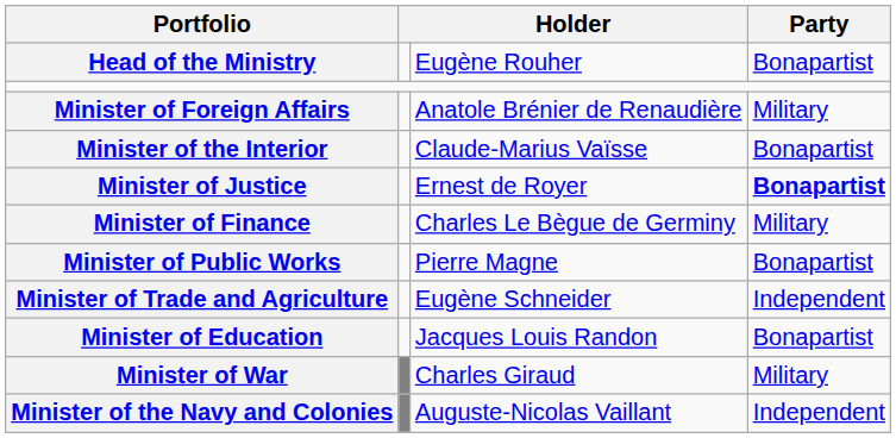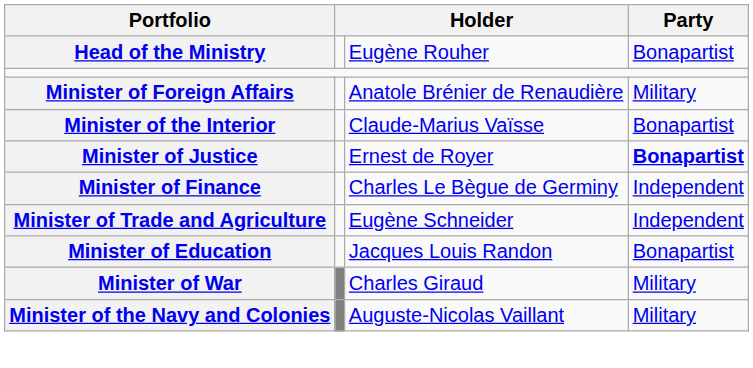 <table class="wikitable">
 <tr>
 <th>Portfolio</th>
 <th colspan=2>Holder</th>
 <th>Party</th>
 </tr>
 <tr>
 <th><a href='#'>Head of the Ministry</a></th>
 <td style="background:"></td>
 <td><a href='#'>Eugène Rouher</a></td>
 <td><a href='#'>Bonapartist</a></td>
 </tr>
 <tr>
 <td colspan=4></td>
 </tr>
 <tr>
 <th><a href='#'>Minister of Foreign Affairs</a></th>
 <td style="background:"></td>
 <td><a href='#'>Anatole Brénier de Renaudière</a></td>
 <td><a href='#'>Military</a></td>
 </tr>
 <tr>
 <th><a href='#'>Minister of the Interior</a></th>
 <td style="background:"></td>
 <td><a href='#'>Claude-Marius Vaïsse</a></td>
 <td><a href='#'>Bonapartist</a></td>
 </tr>
 <tr>
 <th><a href='#'>Minister of Justice</a></th>
 <td style="background:"></td>
 <td><a href='#'>Ernest de Royer</a></td>
 <td><strong><a href='#'>Bonapartist</a></strong></td>
 </tr>
 <tr>
 <th><a href='#'>Minister of Finance</a></th>
 <td style="background:"></td>
 <td><a href='#'>Charles Le Bègue de Germiny</a></td>
-<td><a href='#'>Military</a></td>
-</tr>
-<tr>
-<th><a href='#'>Minister of Public Works</a></th>
-<td style="background:"></td>
-<td><a href='#'>Pierre Magne</a></td>
-<td><a href='#'>Bonapartist</a></td>
+<td><a href='#'>Independent</a></td>
 </tr>
 <tr>
 <th><a href='#'>Minister of Trade and Agriculture</a></th>
 <td style="background:"></td>
 <td><a href='#'>Eugène Schneider</a></td>
 <td><a href='#'>Independent</a></td>
 </tr>
 <tr>
 <th><a href='#'>Minister of Education</a></th>
 <td style="background:"></td>
 <td><a href='#'>Jacques Louis Randon</a></td>
 <td><a href='#'>Bonapartist</a></td>
 </tr>
 <tr>
 <th><a href='#'>Minister of War</a></th>
 <td style="background:#808080;"></td>
 <td><a href='#'>Charles Giraud</a></td>
 <td><a href='#'>Military</a></td>
 </tr>
 <tr>
 <th><a href='#'>Minister of the Navy and Colonies</a></th>
 <td style="background:#808080;"></td>
 <td><a href='#'>Auguste-Nicolas Vaillant</a></td>
-<td><a href='#'>Independent</a></td>
+<td><a href='#'>Military</a></td>
 </tr>
 </table>
